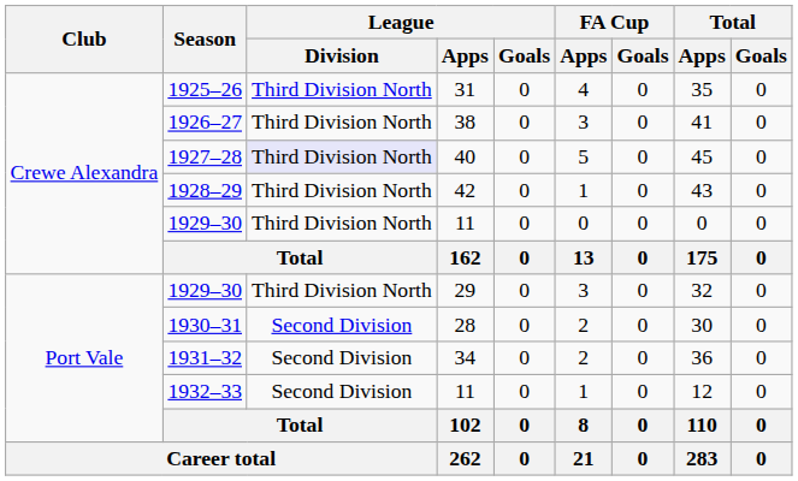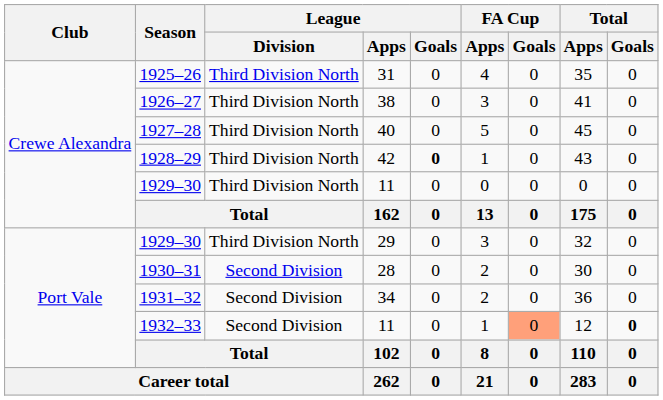 <table class="wikitable" style="text-align: center;">
 <tr>
 <th rowspan="2">Club</th>
 <th rowspan="2">Season</th>
 <th colspan="3">League</th>
 <th colspan="2">FA Cup</th>
 <th colspan="2">Total</th>
 </tr>
 <tr>
 <th>Division</th>
 <th>Apps</th>
 <th>Goals</th>
 <th>Apps</th>
 <th>Goals</th>
 <th>Apps</th>
 <th>Goals</th>
 </tr>
 <tr>
 <td rowspan="6"><a href='#'>Crewe Alexandra</a></td>
 <td><a href='#'>1925–26</a></td>
 <td><a href='#'>Third Division North</a></td>
 <td>31</td>
 <td>0</td>
 <td>4</td>
 <td>0</td>
 <td>35</td>
 <td>0</td>
 </tr>
 <tr>
 <td><a href='#'>1926–27</a></td>
 <td>Third Division North</td>
 <td>38</td>
 <td>0</td>
 <td>3</td>
 <td>0</td>
 <td>41</td>
 <td>0</td>
 </tr>
 <tr>
 <td><a href='#'>1927–28</a></td>
-<td style="background: lavender;">Third Division North</td>
+<td>Third Division North</td>
 <td>40</td>
 <td>0</td>
 <td>5</td>
 <td>0</td>
 <td>45</td>
 <td>0</td>
 </tr>
 <tr>
 <td><a href='#'>1928–29</a></td>
 <td>Third Division North</td>
 <td>42</td>
-<td>0</td>
+<td><strong>0</strong></td>
 <td>1</td>
 <td>0</td>
 <td>43</td>
 <td>0</td>
 </tr>
 <tr>
 <td><a href='#'>1929–30</a></td>
 <td>Third Division North</td>
 <td>11</td>
 <td>0</td>
 <td>0</td>
 <td>0</td>
 <td>0</td>
 <td>0</td>
 </tr>
 <tr>
 <th colspan="2">Total</th>
 <th>162</th>
 <th>0</th>
 <th>13</th>
 <th>0</th>
 <th>175</th>
 <th>0</th>
 </tr>
 <tr>
 <td rowspan="5"><a href='#'>Port Vale</a></td>
 <td><a href='#'>1929–30</a></td>
 <td>Third Division North</td>
 <td>29</td>
 <td>0</td>
 <td>3</td>
 <td>0</td>
 <td>32</td>
 <td>0</td>
 </tr>
 <tr>
 <td><a href='#'>1930–31</a></td>
 <td><a href='#'>Second Division</a></td>
 <td>28</td>
 <td>0</td>
 <td>2</td>
 <td>0</td>
 <td>30</td>
 <td>0</td>
 </tr>
 <tr>
 <td><a href='#'>1931–32</a></td>
 <td>Second Division</td>
 <td>34</td>
 <td>0</td>
 <td>2</td>
 <td>0</td>
 <td>36</td>
 <td>0</td>
 </tr>
 <tr>
 <td><a href='#'>1932–33</a></td>
 <td>Second Division</td>
 <td>11</td>
 <td>0</td>
 <td>1</td>
-<td>0</td>
+<td style="background: lightsalmon;">0</td>
 <td>12</td>
-<td>0</td>
+<td><strong>0</strong></td>
 </tr>
 <tr>
 <th colspan="2">Total</th>
 <th>102</th>
 <th>0</th>
 <th>8</th>
 <th>0</th>
 <th>110</th>
 <th>0</th>
 </tr>
 <tr>
 <th colspan="3">Career total</th>
 <th>262</th>
 <th>0</th>
 <th>21</th>
 <th>0</th>
 <th>283</th>
 <th>0</th>
 </tr>
 </table>
